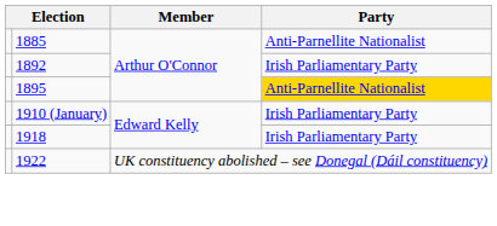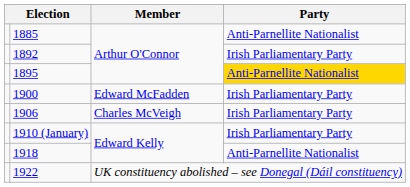 <table class="wikitable">
 <tr>
 <th colspan="2">Election</th>
 <th>Member </th>
 <th>Party</th>
 </tr>
 <tr>
 <td style="color:inherit;background-color: "></td>
 <td><a href='#'>1885</a></td>
 <td rowspan="3"><a href='#'>Arthur O'Connor</a></td>
 <td><a href='#'>Anti-Parnellite Nationalist</a></td>
 </tr>
 <tr>
 <td style="color:inherit;background-color: "></td>
 <td><a href='#'>1892</a></td>
 <td><a href='#'>Irish Parliamentary Party</a></td>
 </tr>
 <tr>
 <td style="color:inherit;background-color: "></td>
 <td><a href='#'>1895</a></td>
 <td style="background: gold;"><a href='#'>Anti-Parnellite Nationalist</a></td>
 </tr>
 <tr>
 <td style="color:inherit;background-color: "></td>
+<td><a href='#'>1900</a></td>
+<td><a href='#'>Edward McFadden</a></td>
+<td><a href='#'>Irish Parliamentary Party</a></td>
+</tr>
+<tr>
+<td style="color:inherit;background-color: "></td>
+<td><a href='#'>1906</a></td>
+<td><a href='#'>Charles McVeigh</a></td>
+<td><a href='#'>Irish Parliamentary Party</a></td>
+</tr>
+<tr>
+<td style="color:inherit;background-color: "></td>
 <td><a href='#'>1910 (January)</a></td>
 <td rowspan="2"><a href='#'>Edward Kelly</a></td>
 <td><a href='#'>Irish Parliamentary Party</a></td>
 </tr>
 <tr>
 <td style="color:inherit;background-color: "></td>
 <td><a href='#'>1918</a></td>
-<td><a href='#'>Irish Parliamentary Party</a></td>
+<td><a href='#'>Anti-Parnellite Nationalist</a></td>
 </tr>
 <tr>
 <td></td>
 <td><a href='#'>1922</a></td>
 <td colspan="2"><em>UK constituency abolished – see <a href='#'>Donegal (Dáil constituency)</a></em></td>
 </tr>
 </table>
